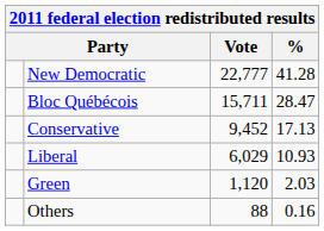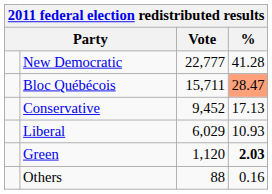 <table class="wikitable">
 <tr>
 <th colspan="4"><a href='#'>2011 federal election</a> redistributed results</th>
 </tr>
 <tr>
 <th bgcolor="#DDDDFF" width="130px" colspan="2">Party</th>
 <th bgcolor="#DDDDFF" width="50px">Vote</th>
 <th bgcolor="#DDDDFF" width="30px">%</th>
 </tr>
 <tr>
 <td> </td>
 <td><a href='#'>New Democratic</a></td>
 <td align=right>22,777</td>
 <td align=right>41.28</td>
 </tr>
 <tr>
 <td> </td>
 <td><a href='#'>Bloc Québécois</a></td>
 <td align=right>15,711</td>
-<td align=right>28.47</td>
+<td align=right style="background: lightsalmon;">28.47</td>
 </tr>
 <tr>
 <td> </td>
 <td><a href='#'>Conservative</a></td>
 <td align=right>9,452</td>
 <td align=right>17.13</td>
 </tr>
 <tr>
 <td> </td>
 <td><a href='#'>Liberal</a></td>
 <td align=right>6,029</td>
 <td align=right>10.93</td>
 </tr>
 <tr>
 <td> </td>
 <td><a href='#'>Green</a></td>
 <td align=right>1,120</td>
-<td align=right>2.03</td>
+<td align=right><strong>2.03</strong></td>
 </tr>
 <tr>
 <td> </td>
 <td>Others</td>
 <td align=right>88</td>
 <td align=right>0.16</td>
 </tr>
 </table>
